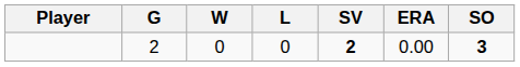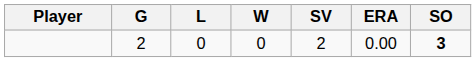 <table class="wikitable sortable">
 <tr>
 <th bgcolor="#DDDDFF" width="16%">Player</th>
 <th bgcolor="#DDDDFF" width="9%">G</th>
+<th bgcolor="#DDDDFF" width="9%">L</th>
 <th bgcolor="#DDDDFF" width="9%">W</th>
-<th bgcolor="#DDDDFF" width="9%">L</th>
 <th bgcolor="#DDDDFF" width="9%">SV</th>
 <th bgcolor="#DDDDFF" width="9%">ERA</th>
 <th bgcolor="#DDDDFF" width="9%">SO</th>
 </tr>
 <tr align="center">
 <td></td>
 <td>2</td>
 <td>0</td>
 <td>0</td>
-<td><strong>2</strong></td>
+<td>2</td>
 <td>0.00</td>
 <td><strong>3</strong></td>
 </tr>
 </table>
